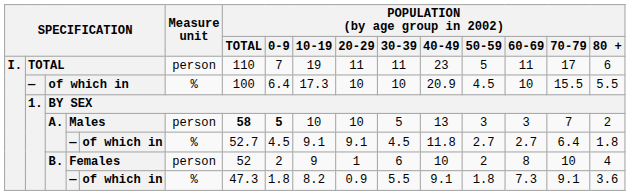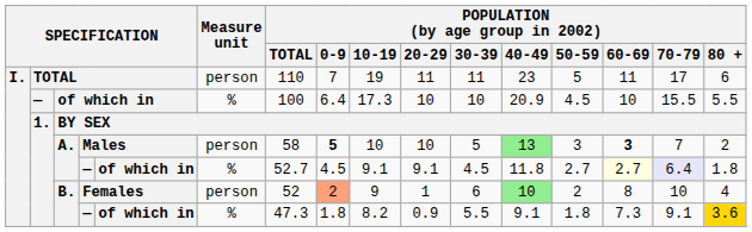 <table class="wikitable" style="font-size:85%; text-align:center">
 <tr>
 <th rowspan="2" colspan="5">SPECIFICATION</th>
 <th rowspan="2">Measure<br> unit</th>
 <th colspan="10" rowspan="1">POPULATION<br> (by age group in 2002)</th>
 </tr>
 <tr>
 <th>TOTAL</th>
 <th>0-9</th>
 <th>10-19</th>
 <th>20-29</th>
 <th>30-39</th>
 <th>40-49</th>
 <th>50-59</th>
 <th>60-69</th>
 <th>70-79</th>
 <th>80 +</th>
 </tr>
 <tr>
 <th style="text-align:left" valign="top" rowspan="7">I.</th>
 <th style="text-align:left" colspan="4">TOTAL</th>
 <td>person</td>
 <td>110</td>
 <td>7</td>
 <td>19</td>
 <td>11</td>
 <td>11</td>
 <td>23</td>
 <td>5</td>
 <td>11</td>
 <td>17</td>
 <td>6</td>
 </tr>
 <tr>
 <th style="text-align:left" valign="top">—</th>
 <th style="text-align:left" colspan="3">of which in</th>
 <td>%</td>
 <td>100</td>
 <td>6.4</td>
 <td>17.3</td>
 <td>10</td>
 <td>10</td>
 <td>20.9</td>
 <td>4.5</td>
 <td>10</td>
 <td>15.5</td>
 <td>5.5</td>
 </tr>
 <tr>
 <th style="text-align:left" valign="top" rowspan="5">1.</th>
 <th style="text-align:left" colspan="14">BY SEX</th>
 </tr>
 <tr>
 <th style="text-align:left" valign="top" rowspan="2">A.</th>
 <th style="text-align:left" colspan="2">Males</th>
 <td>person</td>
-<td><strong>58</strong></td>
+<td>58</td>
 <td><strong>5</strong></td>
 <td>10</td>
 <td>10</td>
 <td>5</td>
-<td>13</td>
+<td style="background: lightgreen;">13</td>
 <td>3</td>
-<td>3</td>
+<td><strong>3</strong></td>
 <td>7</td>
 <td>2</td>
 </tr>
 <tr>
 <th style="text-align:left" valign="top">—</th>
 <th style="text-align:left" colspan="1">of which in</th>
 <td>%</td>
 <td>52.7</td>
 <td>4.5</td>
 <td>9.1</td>
 <td>9.1</td>
 <td>4.5</td>
 <td>11.8</td>
 <td>2.7</td>
-<td>2.7</td>
-<td>6.4</td>
+<td style="background: lightyellow;">2.7</td>
+<td style="background: lavender;">6.4</td>
 <td>1.8</td>
 </tr>
 <tr>
 <th style="text-align:left" valign="top" rowspan="2">B.</th>
 <th style="text-align:left" colspan="2">Females</th>
 <td>person</td>
 <td>52</td>
-<td>2</td>
+<td style="background: lightsalmon;">2</td>
 <td>9</td>
 <td>1</td>
 <td>6</td>
-<td>10</td>
+<td style="background: lightgreen;">10</td>
 <td>2</td>
 <td>8</td>
 <td>10</td>
 <td>4</td>
 </tr>
 <tr>
 <th style="text-align:left" valign="top">—</th>
 <th style="text-align:left" colspan="1">of which in</th>
 <td>%</td>
 <td>47.3</td>
 <td>1.8</td>
 <td>8.2</td>
 <td>0.9</td>
 <td>5.5</td>
 <td>9.1</td>
 <td>1.8</td>
 <td>7.3</td>
 <td>9.1</td>
-<td>3.6</td>
+<td style="background: gold;">3.6</td>
 </tr>
 </table>
